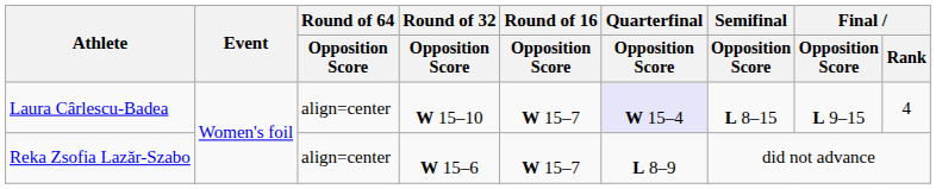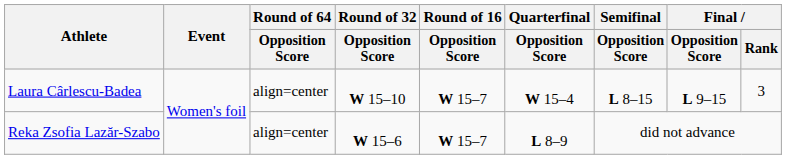 <table class="wikitable" style="font-size:90%">
 <tr>
 <th rowspan="2">Athlete</th>
 <th rowspan="2">Event</th>
 <th>Round of 64</th>
 <th>Round of 32</th>
 <th>Round of 16</th>
 <th>Quarterfinal</th>
 <th>Semifinal</th>
 <th colspan=2>Final / </th>
 </tr>
 <tr style="font-size:95%">
 <th>Opposition <br> Score</th>
 <th>Opposition <br> Score</th>
 <th>Opposition <br> Score</th>
 <th>Opposition <br> Score</th>
 <th>Opposition <br> Score</th>
 <th>Opposition <br> Score</th>
 <th>Rank</th>
 </tr>
 <tr>
 <td align=left><a href='#'>Laura Cârlescu-Badea</a></td>
 <td align=left rowspan=2><a href='#'>Women's foil</a></td>
 <td>align=center </td>
 <td align=center><br><strong>W</strong> 15–10</td>
 <td align=center><br><strong>W</strong> 15–7</td>
-<td align=center style="background: lavender;"><br><strong>W</strong> 15–4</td>
+<td align=center><br><strong>W</strong> 15–4</td>
 <td align=center><br><strong>L</strong> 8–15</td>
 <td align=center><br><strong>L</strong> 9–15</td>
-<td align=center>4</td>
+<td align=center>3</td>
 </tr>
 <tr>
 <td align=left><a href='#'>Reka Zsofia Lazăr-Szabo</a></td>
 <td>align=center </td>
 <td align=center><br><strong>W</strong> 15–6</td>
 <td align=center><br><strong>W</strong> 15–7</td>
 <td align=center><br><strong>L</strong> 8–9</td>
 <td align=center colspan=3>did not advance</td>
 </tr>
 </table>
